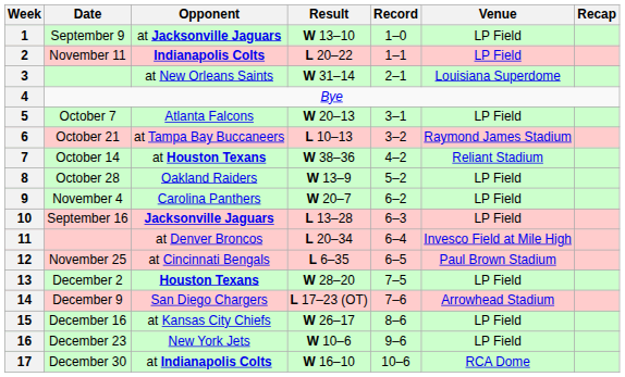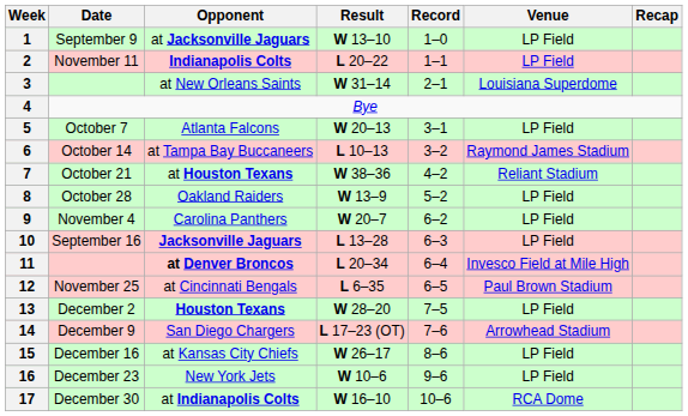 <table class="wikitable" style="text-align:center">
 <tr>
 <th>Week</th>
 <th>Date</th>
 <th>Opponent</th>
 <th>Result</th>
 <th>Record</th>
 <th>Venue</th>
 <th>Recap</th>
 </tr>
 <tr style="background:#cfc;">
 <th>1</th>
 <td>September 9</td>
 <td>at <strong><a href='#'>Jacksonville Jaguars</a></strong></td>
 <td><strong>W</strong> 13–10</td>
 <td>1–0</td>
 <td>LP Field</td>
 <td></td>
 </tr>
 <tr style="background:#fcc;">
 <th>2</th>
 <td>November 11</td>
 <td><strong><a href='#'>Indianapolis Colts</a></strong></td>
 <td><strong>L</strong> 20–22</td>
 <td>1–1</td>
 <td><a href='#'>LP Field</a></td>
 <td></td>
 </tr>
 <tr style="background:#cfc;">
 <th>3</th>
 <td></td>
 <td>at <a href='#'>New Orleans Saints</a></td>
 <td><strong>W</strong> 31–14</td>
 <td>2–1</td>
 <td><a href='#'>Louisiana Superdome</a></td>
 <td></td>
 </tr>
 <tr>
 <th>4</th>
 <td colspan="6" style="text-align:center;"><em><a href='#'>Bye</a></em></td>
 </tr>
 <tr style="background:#cfc;">
 <th>5</th>
 <td>October 7</td>
 <td><a href='#'>Atlanta Falcons</a></td>
 <td><strong>W</strong> 20–13</td>
 <td>3–1</td>
 <td>LP Field</td>
 <td></td>
 </tr>
 <tr style="background:#fcc;">
 <th>6</th>
-<td>October 21</td>
+<td>October 14</td>
 <td>at <a href='#'>Tampa Bay Buccaneers</a></td>
 <td><strong>L</strong> 10–13</td>
 <td>3–2</td>
 <td><a href='#'>Raymond James Stadium</a></td>
 <td></td>
 </tr>
 <tr style="background:#cfc;">
 <th>7</th>
-<td>October 14</td>
+<td>October 21</td>
 <td>at <strong><a href='#'>Houston Texans</a></strong></td>
 <td><strong>W</strong> 38–36</td>
 <td>4–2</td>
 <td><a href='#'>Reliant Stadium</a></td>
 <td></td>
 </tr>
 <tr style="background:#cfc;">
 <th>8</th>
 <td>October 28</td>
 <td><a href='#'>Oakland Raiders</a></td>
 <td><strong>W</strong> 13–9</td>
 <td>5–2</td>
 <td>LP Field</td>
 <td></td>
 </tr>
 <tr style="background:#cfc;">
 <th>9</th>
 <td>November 4</td>
 <td><a href='#'>Carolina Panthers</a></td>
 <td><strong>W</strong> 20–7</td>
 <td>6–2</td>
 <td>LP Field</td>
 <td></td>
 </tr>
 <tr style="background:#fcc;">
 <th>10</th>
 <td>September 16</td>
 <td><strong><a href='#'>Jacksonville Jaguars</a></strong></td>
 <td><strong>L</strong> 13–28</td>
 <td>6–3</td>
 <td>LP Field</td>
 <td></td>
 </tr>
 <tr style="background:#fcc;">
 <th>11</th>
 <td></td>
-<td>at <a href='#'>Denver Broncos</a></td>
+<td><strong>at <a href='#'>Denver Broncos</a></strong></td>
 <td><strong>L</strong> 20–34</td>
 <td>6–4</td>
 <td><a href='#'>Invesco Field at Mile High</a></td>
 <td></td>
 </tr>
 <tr style="background:#fcc;">
 <th>12</th>
 <td>November 25</td>
 <td>at <a href='#'>Cincinnati Bengals</a></td>
 <td><strong>L</strong> 6–35</td>
 <td>6–5</td>
 <td><a href='#'>Paul Brown Stadium</a></td>
 <td></td>
 </tr>
 <tr style="background:#cfc;">
 <th>13</th>
 <td>December 2</td>
 <td><strong><a href='#'>Houston Texans</a></strong></td>
 <td><strong>W</strong> 28–20</td>
 <td>7–5</td>
 <td>LP Field</td>
 <td></td>
 </tr>
 <tr style="background:#fcc;">
 <th>14</th>
 <td>December 9</td>
 <td><a href='#'>San Diego Chargers</a></td>
 <td><strong>L</strong> 17–23 (OT)</td>
 <td>7–6</td>
 <td><a href='#'>Arrowhead Stadium</a></td>
 <td></td>
 </tr>
 <tr style="background:#cfc;">
 <th>15</th>
 <td>December 16</td>
 <td>at <a href='#'> Kansas City Chiefs</a></td>
 <td><strong>W</strong> 26–17</td>
 <td>8–6</td>
 <td>LP Field</td>
 <td></td>
 </tr>
 <tr style="background:#cfc;">
 <th>16</th>
 <td>December 23</td>
 <td><a href='#'>New York Jets</a></td>
 <td><strong>W</strong> 10–6</td>
 <td>9–6</td>
 <td>LP Field</td>
 <td></td>
 </tr>
 <tr style="background:#cfc;">
 <th>17</th>
 <td>December 30</td>
 <td>at <strong><a href='#'>Indianapolis Colts</a></strong></td>
 <td><strong>W</strong> 16–10</td>
 <td>10–6</td>
 <td><a href='#'>RCA Dome</a></td>
 <td></td>
 </tr>
 </table>
